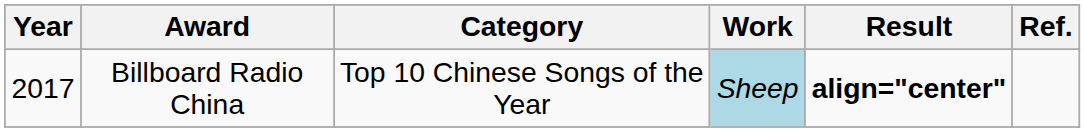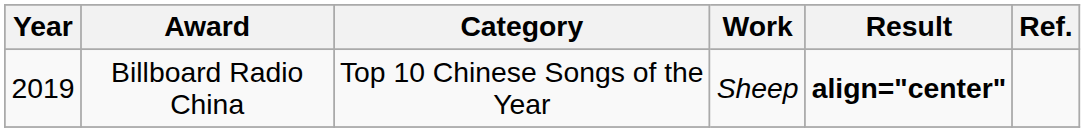 <table class="wikitable">
 <tr>
 <th>Year</th>
 <th>Award</th>
 <th>Category</th>
 <th>Work</th>
 <th>Result</th>
 <th>Ref.</th>
 </tr>
 <tr>
-<td align="center">2017</td>
+<td align="center">2019</td>
 <td align="center">Billboard Radio China</td>
 <td align="center">Top 10 Chinese Songs of the Year</td>
-<td align="center" style="background: lightblue;"><em>Sheep</em></td>
+<td align="center"><em>Sheep</em></td>
 <td><strong>align="center" </strong></td>
 <td align="center"></td>
 </tr>
 </table>
